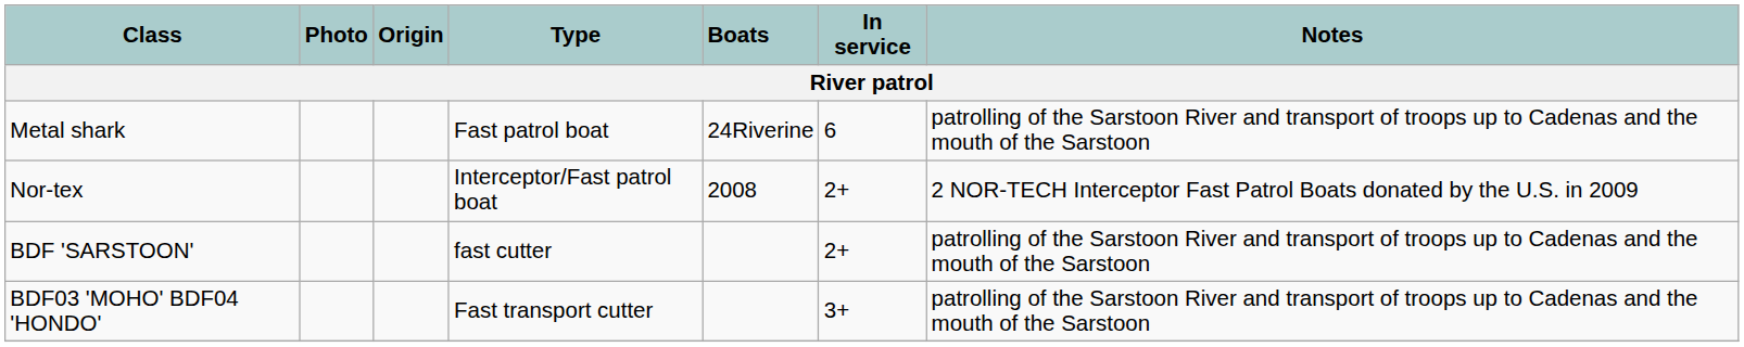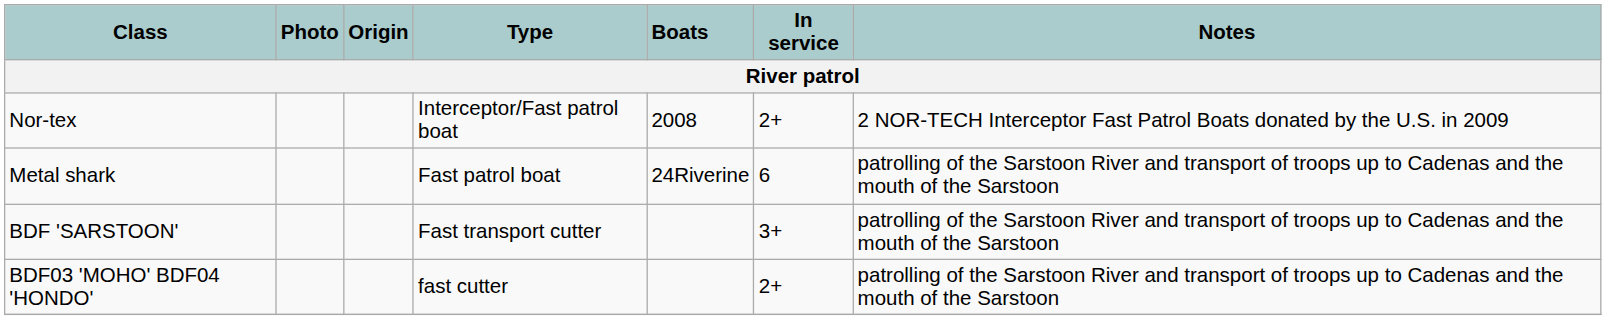 <table class="wikitable">
 <tr>
 <th style="text-align:center; background:#acc;">Class</th>
 <th style="text-align:center; background:#acc;">Photo</th>
 <th style="text-align: center; background:#acc;">Origin</th>
 <th style="text-align:l center; background:#acc;">Type</th>
 <th style="text-align:left; background:#acc;">Boats</th>
 <th style="text-align:center; background:#acc;">In service</th>
 <th style="text-align: center; background:#acc;">Notes</th>
 </tr>
 <tr>
 <th style="align: center; background: levander;" colspan="7">River patrol</th>
 </tr>
 <tr>
+<td>Nor-tex</td>
+<td></td>
+<td></td>
+<td>Interceptor/Fast patrol boat</td>
+<td>2008</td>
+<td>2+</td>
+<td>2 NOR-TECH Interceptor Fast Patrol Boats donated by the U.S. in 2009</td>
+</tr>
+<tr>
 <td>Metal shark</td>
 <td></td>
 <td></td>
 <td>Fast patrol boat</td>
 <td>24Riverine</td>
 <td>6</td>
 <td>patrolling of the Sarstoon River and transport of troops up to Cadenas and the mouth of the Sarstoon</td>
 </tr>
 <tr>
-<td>Nor-tex</td>
+<td>BDF 'SARSTOON'</td>
 <td></td>
 <td></td>
-<td>Interceptor/Fast patrol boat</td>
-<td>2008</td>
-<td>2+</td>
-<td>2 NOR-TECH Interceptor Fast Patrol Boats donated by the U.S. in 2009</td>
+<td>Fast transport cutter</td>
+<td></td>
+<td>3+</td>
+<td>patrolling of the Sarstoon River and transport of troops up to Cadenas and the mouth of the Sarstoon</td>
 </tr>
 <tr>
-<td>BDF 'SARSTOON'</td>
+<td>BDF03 'MOHO' BDF04 'HONDO'</td>
 <td></td>
 <td></td>
 <td>fast cutter</td>
 <td></td>
 <td>2+</td>
 <td>patrolling of the Sarstoon River and transport of troops up to Cadenas and the mouth of the Sarstoon</td>
 </tr>
 <tr>
-<td>BDF03 'MOHO' BDF04 'HONDO'</td>
-<td></td>
-<td></td>
-<td>Fast transport cutter</td>
-<td></td>
-<td>3+</td>
-<td>patrolling of the Sarstoon River and transport of troops up to Cadenas and the mouth of the Sarstoon</td>
-</tr>
-<tr>
 </tr>
 </table>
